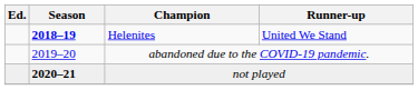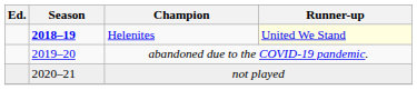 <table class="wikitable sortable">
 <tr>
 <th width=px>Ed.</th>
 <th width=90px>Season</th>
 <th width=190px>Champion</th>
 <th width=190px>Runner-up</th>
 </tr>
 <tr>
 <td></td>
 <td><strong><a href='#'>2018–19</a></strong></td>
 <td><a href='#'>Helenites</a></td>
-<td><a href='#'>United We Stand</a></td>
+<td style="background: lightyellow;"><a href='#'>United We Stand</a></td>
 </tr>
 <tr>
 <td></td>
 <td><a href='#'>2019–20</a></td>
 <td colspan="2" style="text-align:center;"><em>abandoned due to the <a href='#'>COVID-19 pandemic</a>.</em></td>
 </tr>
 <tr bgcolor=#efefef>
 <td></td>
-<td><strong>2020–21</strong></td>
+<td>2020–21</td>
 <td colspan="2" style="text-align:center;"><em>not played</em></td>
 </tr>
 <tr>
 </tr>
 </table>
